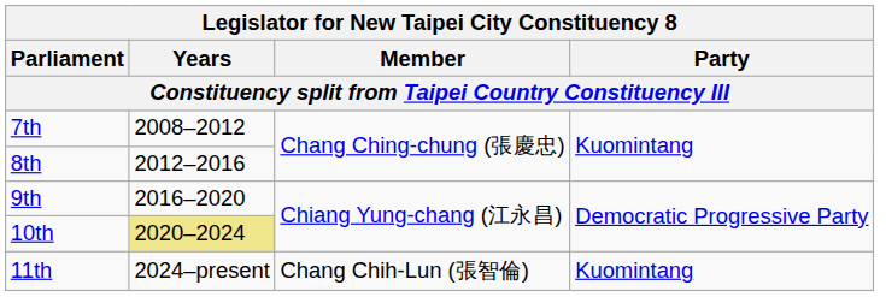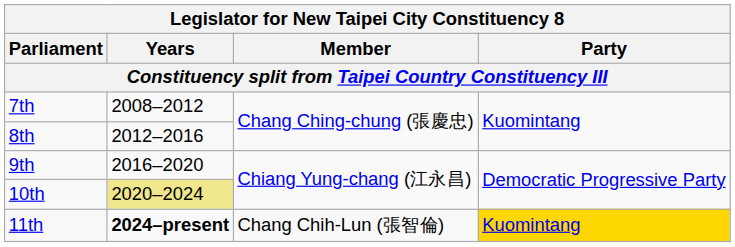 <table class=wikitable>
 <tr>
 <th colspan="4">Legislator for New Taipei City Constituency 8</th>
 </tr>
 <tr>
 <th>Parliament</th>
 <th>Years</th>
 <th>Member</th>
 <th>Party</th>
 </tr>
 <tr>
 <th colspan=4 align=center><em>Constituency split from <a href='#'>Taipei Country Constituency III</a> </em></th>
 </tr>
 <tr>
 <td><a href='#'>7th</a></td>
 <td>2008–2012</td>
 <td rowspan=2><a href='#'>Chang Ching-chung</a> (張慶忠)</td>
 <td rowspan=2><a href='#'>Kuomintang</a></td>
 </tr>
 <tr>
 <td><a href='#'>8th</a></td>
 <td>2012–2016</td>
 </tr>
 <tr>
 <td><a href='#'>9th</a></td>
 <td>2016–2020</td>
 <td rowspan=2><a href='#'>Chiang Yung-chang</a> (江永昌)</td>
 <td rowspan=2 bgcolor=><a href='#'>Democratic Progressive Party</a></td>
 </tr>
 <tr>
 <td><a href='#'>10th</a></td>
 <td style="background: khaki;">2020–2024</td>
 </tr>
 <tr>
 <td><a href='#'>11th</a></td>
-<td>2024–present</td>
+<td><strong>2024–present</strong></td>
 <td>Chang Chih-Lun (張智倫)</td>
-<td><a href='#'>Kuomintang</a></td>
+<td style="background: gold;"><a href='#'>Kuomintang</a></td>
 </tr>
 </table>
